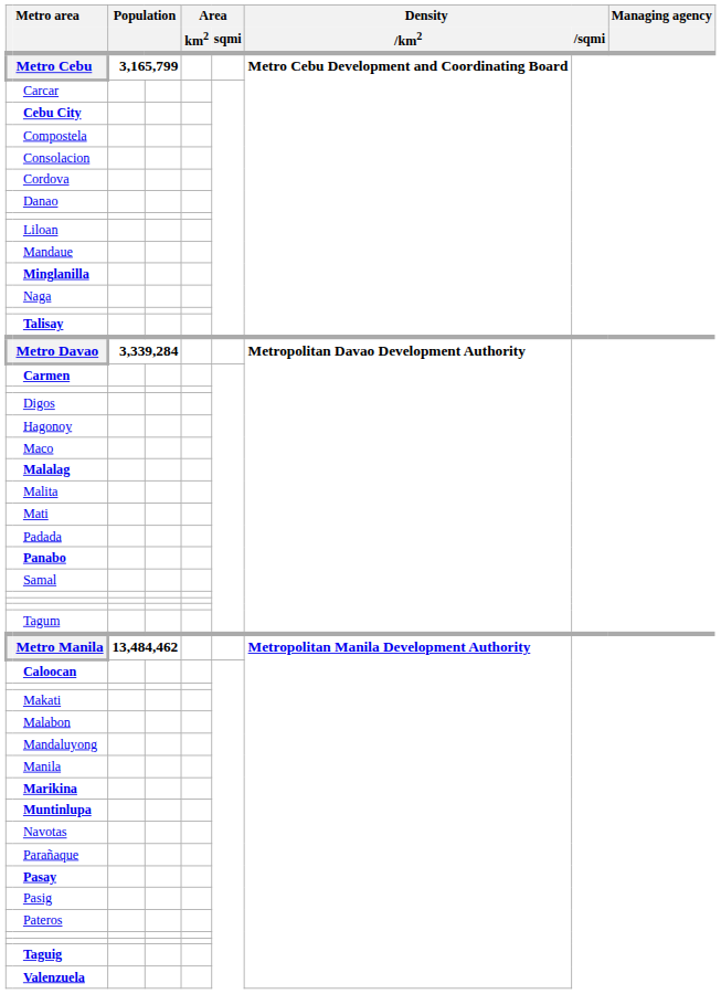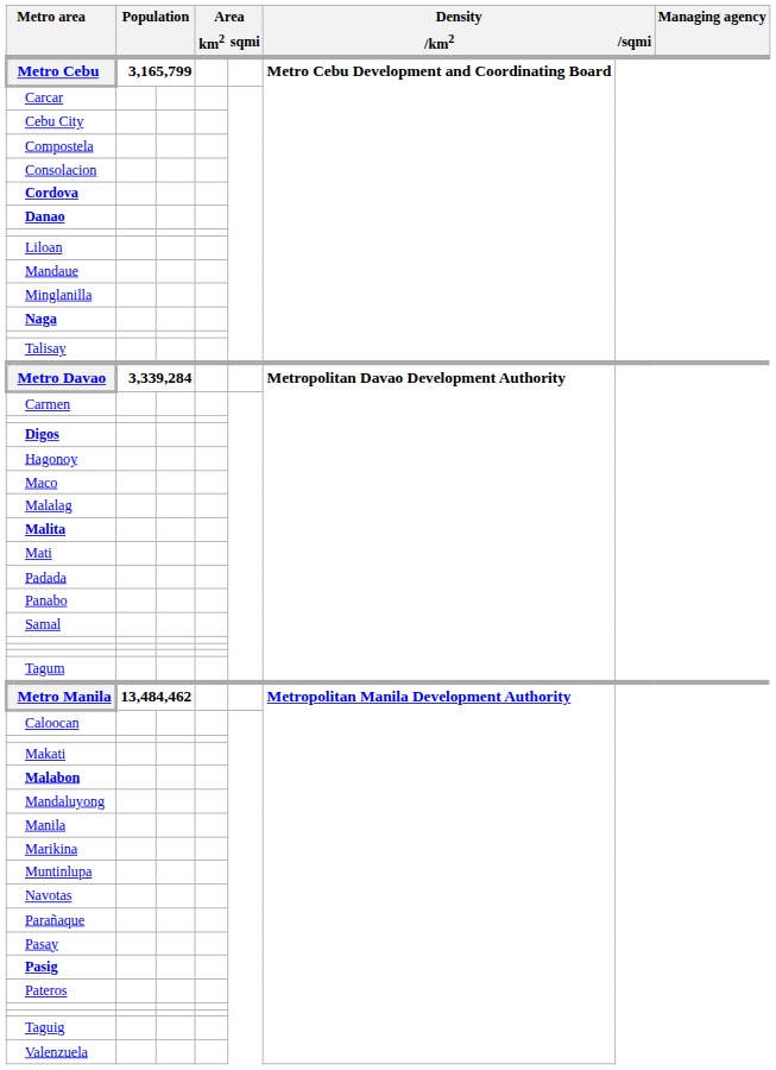 <table class="wikitable sortable" style="text-align:right;font-size:90%;background-color:white;border:none;">
 <tr style="white-space:nowrap;">
 <th scope="col" class="unsortable" style="border-width:thin 0 0 thin;" rowspan="2"></th>
 <th scope="col" class="unsortable" style="border-width:thin thin 0 0;text-align:left;">Metro area</th>
 <th scope="col" class="unsortable" style="border-bottom:0;" colspan="2">Population</th>
 <th scope="col" class="unsortable" style="border-bottom:0;" colspan="2">Area</th>
 <th scope="col" class="unsortable" style="border-bottom:0;" colspan="2">Density</th>
 <th scope="col" class="unsortable" style="border-bottom:0;">Managing agency</th>
 </tr>
 <tr style="white-space:nowrap;">
 <th scope="col" style="border-width:0 0 thin 0;"></th>
 <th scope="col" style="border-width:0 0 thin thin;" colspan="2"></th>
 <th scope="col" style="border-width:0 0 thin thin;">km<sup>2</sup></th>
 <th scope="col" style="border-width:0 thin thin 0;" class="unsortable">sqmi</th>
 <th scope="col" style="border-width:0;">/km<sup>2</sup></th>
 <th scope="col" style="border-width:0 thin thin 0;" class="unsortable">/sqmi</th>
 <th scope="col" style="border-width:0 thin thin 0;"></th>
 </tr>
 <tr style="vertical-align:top;border-top:solid thick #AAAAAA;font-size:110%;font-weight:bold;">
 <th scope="row" style="border-width:medium 0 medium medium;"></th>
 <td style="text-align:left;border-width:medium medium medium 0;background-color:#F2F2F2;white-space:nowrap;" id="anchor_Cebu"><a href='#'>Metro Cebu</a></td>
 <td colspan="2">3,165,799</td>
 <td></td>
 <td></td>
 <td rowspan="14" style="text-align:left;">Metro Cebu Development and Coordinating Board</td>
 </tr>
 <tr class="expand-child">
 <td style="border-right:0;background-color:initial;"></td>
 <td style="border-left:0;text-align:left;padding-left:0.75em;"><a href='#'>Carcar</a></td>
 <td></td>
 <td></td>
 <td></td>
 </tr>
 <tr class="expand-child">
 <td style="border-right:0;background-color:initial;"></td>
-<td style="border-left:0;text-align:left;padding-left:0.75em;"><strong><a href='#'>Cebu City</a></strong></td>
+<td style="border-left:0;text-align:left;padding-left:0.75em;"><a href='#'>Cebu City</a></td>
 <td></td>
 <td></td>
 <td></td>
 </tr>
 <tr class="expand-child">
 <td style="border-right:0;background-color:initial;"></td>
 <td style="border-left:0;text-align:left;padding-left:0.75em;"><a href='#'>Compostela</a></td>
 <td></td>
 <td></td>
 <td></td>
 </tr>
 <tr class="expand-child">
 <td style="border-right:0;background-color:initial;"></td>
 <td style="border-left:0;text-align:left;padding-left:0.75em;"><a href='#'>Consolacion</a></td>
 <td></td>
 <td></td>
 <td></td>
 </tr>
 <tr class="expand-child">
 <td style="border-right:0;background-color:initial;"></td>
-<td style="border-left:0;text-align:left;padding-left:0.75em;"><a href='#'>Cordova</a></td>
+<td style="border-left:0;text-align:left;padding-left:0.75em;"><strong><a href='#'>Cordova</a></strong></td>
 <td></td>
 <td></td>
 <td></td>
 </tr>
 <tr class="expand-child">
 <td style="border-right:0;background-color:initial;"></td>
-<td style="border-left:0;text-align:left;padding-left:0.75em;"><a href='#'>Danao</a></td>
+<td style="border-left:0;text-align:left;padding-left:0.75em;"><strong><a href='#'>Danao</a></strong></td>
 <td></td>
 <td></td>
 <td></td>
 </tr>
 <tr class="expand-child">
 <td style="border-right:0;background-color:initial;"></td>
 <td style="border-left:0;text-align:left;padding-left:0.75em;"></td>
 <td></td>
 <td></td>
 <td></td>
 </tr>
 <tr class="expand-child">
 <td style="border-right:0;background-color:initial;"></td>
 <td style="border-left:0;text-align:left;padding-left:0.75em;"><a href='#'>Liloan</a></td>
 <td></td>
 <td></td>
 <td></td>
 </tr>
 <tr class="expand-child">
 <td style="border-right:0;background-color:initial;"></td>
 <td style="border-left:0;text-align:left;padding-left:0.75em;"><a href='#'>Mandaue</a></td>
 <td></td>
 <td></td>
 <td></td>
 </tr>
 <tr class="expand-child">
 <td style="border-right:0;background-color:initial;"></td>
-<td style="border-left:0;text-align:left;padding-left:0.75em;"><strong><a href='#'>Minglanilla</a></strong></td>
+<td style="border-left:0;text-align:left;padding-left:0.75em;"><a href='#'>Minglanilla</a></td>
 <td></td>
 <td></td>
 <td></td>
 </tr>
 <tr class="expand-child">
 <td style="border-right:0;background-color:initial;"></td>
-<td style="border-left:0;text-align:left;padding-left:0.75em;"><a href='#'>Naga</a></td>
+<td style="border-left:0;text-align:left;padding-left:0.75em;"><strong><a href='#'>Naga</a></strong></td>
 <td></td>
 <td></td>
 <td></td>
 </tr>
 <tr class="expand-child">
 <td style="border-right:0;background-color:initial;"></td>
 <td style="border-left:0;text-align:left;padding-left:0.75em;"></td>
 <td></td>
 <td></td>
 <td></td>
 </tr>
 <tr class="expand-child">
 <td style="border-right:0;background-color:initial;"></td>
-<td style="border-left:0;text-align:left;padding-left:0.75em;"><strong><a href='#'>Talisay</a></strong></td>
+<td style="border-left:0;text-align:left;padding-left:0.75em;"><a href='#'>Talisay</a></td>
 <td></td>
 <td></td>
 <td></td>
 </tr>
 <tr style="vertical-align:top;border-top:solid thick #AAAAAA;font-size:110%;font-weight:bold;">
 <th scope="row" style="border-width:medium 0 medium medium;"></th>
 <td style="text-align:left;border-width:medium medium medium 0;background-color:#F2F2F2;white-space:nowrap;" id="anchor_Davao"><a href='#'>Metro Davao</a></td>
 <td colspan="2">3,339,284</td>
 <td></td>
 <td></td>
 <td rowspan="16" style="text-align:left;">Metropolitan Davao Development Authority</td>
 </tr>
 <tr class="expand-child">
 <td style="border-right:0;background-color:initial;"></td>
-<td style="border-left:0;text-align:left;padding-left:0.75em;"><strong><a href='#'>Carmen</a></strong></td>
+<td style="border-left:0;text-align:left;padding-left:0.75em;"><a href='#'>Carmen</a></td>
 <td></td>
 <td></td>
 <td></td>
 </tr>
 <tr class="expand-child">
 <td style="border-right:0;background-color:initial;"></td>
 <td style="border-left:0;text-align:left;padding-left:0.75em;"></td>
 <td></td>
 <td></td>
 <td></td>
 </tr>
 <tr class="expand-child">
 <td style="border-right:0;background-color:initial;"></td>
-<td style="border-left:0;text-align:left;padding-left:0.75em;"><a href='#'>Digos</a></td>
+<td style="border-left:0;text-align:left;padding-left:0.75em;"><strong><a href='#'>Digos</a></strong></td>
 <td></td>
 <td></td>
 <td></td>
 </tr>
 <tr class="expand-child">
 <td style="border-right:0;background-color:initial;"></td>
 <td style="border-left:0;text-align:left;padding-left:0.75em;"><a href='#'>Hagonoy</a></td>
 <td></td>
 <td></td>
 <td></td>
 </tr>
 <tr class="expand-child">
 <td style="border-right:0;background-color:initial;"></td>
 <td style="border-left:0;text-align:left;padding-left:0.75em;"><a href='#'>Maco</a></td>
 <td></td>
 <td></td>
 <td></td>
 </tr>
 <tr class="expand-child">
 <td style="border-right:0;background-color:initial;"></td>
-<td style="border-left:0;text-align:left;padding-left:0.75em;"><strong><a href='#'>Malalag</a></strong></td>
+<td style="border-left:0;text-align:left;padding-left:0.75em;"><a href='#'>Malalag</a></td>
 <td></td>
 <td></td>
 <td></td>
 </tr>
 <tr class="expand-child">
 <td style="border-right:0;background-color:initial;"></td>
-<td style="border-left:0;text-align:left;padding-left:0.75em;"><a href='#'>Malita</a></td>
+<td style="border-left:0;text-align:left;padding-left:0.75em;"><strong><a href='#'>Malita</a></strong></td>
 <td></td>
 <td></td>
 <td></td>
 </tr>
 <tr class="expand-child">
 <td style="border-right:0;background-color:initial;"></td>
 <td style="border-left:0;text-align:left;padding-left:0.75em;"><a href='#'>Mati</a></td>
 <td></td>
 <td></td>
 <td></td>
 </tr>
 <tr class="expand-child">
 <td style="border-right:0;background-color:initial;"></td>
 <td style="border-left:0;text-align:left;padding-left:0.75em;"><a href='#'>Padada</a></td>
 <td></td>
 <td></td>
 <td></td>
 </tr>
 <tr class="expand-child">
 <td style="border-right:0;background-color:initial;"></td>
-<td style="border-left:0;text-align:left;padding-left:0.75em;"><strong><a href='#'>Panabo</a></strong></td>
+<td style="border-left:0;text-align:left;padding-left:0.75em;"><a href='#'>Panabo</a></td>
 <td></td>
 <td></td>
 <td></td>
 </tr>
 <tr class="expand-child">
 <td style="border-right:0;background-color:initial;"></td>
 <td style="border-left:0;text-align:left;padding-left:0.75em;"><a href='#'>Samal</a></td>
 <td></td>
 <td></td>
 <td></td>
 </tr>
 <tr class="expand-child">
 <td style="border-right:0;background-color:initial;"></td>
 <td style="border-left:0;text-align:left;padding-left:0.75em;"></td>
 <td></td>
 <td></td>
 <td></td>
 </tr>
 <tr class="expand-child">
 <td style="border-right:0;background-color:initial;"></td>
 <td style="border-left:0;text-align:left;padding-left:0.75em;"></td>
 <td></td>
 <td></td>
 <td></td>
 </tr>
 <tr class="expand-child">
 <td style="border-right:0;background-color:initial;"></td>
 <td style="border-left:0;text-align:left;padding-left:0.75em;"></td>
 <td></td>
 <td></td>
 <td></td>
 </tr>
 <tr class="expand-child">
 <td style="border-right:0;background-color:initial;"></td>
 <td style="border-left:0;text-align:left;padding-left:0.75em;"><a href='#'>Tagum</a></td>
 <td></td>
 <td></td>
 <td></td>
 </tr>
 <tr style="vertical-align:top;border-top:solid thick #AAAAAA;font-size:110%;font-weight:bold;">
 <th scope="row" style="border-width:medium 0 medium medium;"></th>
 <td style="text-align:left;border-width:medium medium medium 0;background-color:#F2F2F2;white-space:nowrap;" id="anchor_Manila"><a href='#'>Metro Manila</a></td>
 <td colspan="2">13,484,462</td>
 <td></td>
 <td></td>
 <td rowspan="18" style="text-align:left;"><a href='#'>Metropolitan Manila Development Authority</a></td>
 </tr>
 <tr class="expand-child">
 <td style="border-right:0;background-color:initial;"></td>
-<td style="border-left:0;text-align:left;padding-left:0.75em;"><strong><a href='#'>Caloocan</a></strong></td>
+<td style="border-left:0;text-align:left;padding-left:0.75em;"><a href='#'>Caloocan</a></td>
 <td></td>
 <td></td>
 <td></td>
 </tr>
 <tr class="expand-child">
 <td style="border-right:0;background-color:initial;"></td>
 <td style="border-left:0;text-align:left;padding-left:0.75em;"></td>
 <td></td>
 <td></td>
 <td></td>
 </tr>
 <tr class="expand-child">
 <td style="border-right:0;background-color:initial;"></td>
 <td style="border-left:0;text-align:left;padding-left:0.75em;"><a href='#'>Makati</a></td>
 <td></td>
 <td></td>
 <td></td>
 </tr>
 <tr class="expand-child">
 <td style="border-right:0;background-color:initial;"></td>
-<td style="border-left:0;text-align:left;padding-left:0.75em;"><a href='#'>Malabon</a></td>
+<td style="border-left:0;text-align:left;padding-left:0.75em;"><strong><a href='#'>Malabon</a></strong></td>
 <td></td>
 <td></td>
 <td></td>
 </tr>
 <tr class="expand-child">
 <td style="border-right:0;background-color:initial;"></td>
 <td style="border-left:0;text-align:left;padding-left:0.75em;"><a href='#'>Mandaluyong</a></td>
 <td></td>
 <td></td>
 <td></td>
 </tr>
 <tr class="expand-child">
 <td style="border-right:0;background-color:initial;"></td>
 <td style="border-left:0;text-align:left;padding-left:0.75em;"><a href='#'>Manila</a></td>
 <td></td>
 <td></td>
 <td></td>
 </tr>
 <tr class="expand-child">
 <td style="border-right:0;background-color:initial;"></td>
-<td style="border-left:0;text-align:left;padding-left:0.75em;"><strong><a href='#'>Marikina</a></strong></td>
+<td style="border-left:0;text-align:left;padding-left:0.75em;"><a href='#'>Marikina</a></td>
 <td></td>
 <td></td>
 <td></td>
 </tr>
 <tr class="expand-child">
 <td style="border-right:0;background-color:initial;"></td>
-<td style="border-left:0;text-align:left;padding-left:0.75em;"><strong><a href='#'>Muntinlupa</a></strong></td>
+<td style="border-left:0;text-align:left;padding-left:0.75em;"><a href='#'>Muntinlupa</a></td>
 <td></td>
 <td></td>
 <td></td>
 </tr>
 <tr class="expand-child">
 <td style="border-right:0;background-color:initial;"></td>
 <td style="border-left:0;text-align:left;padding-left:0.75em;"><a href='#'>Navotas</a></td>
 <td></td>
 <td></td>
 <td></td>
 </tr>
 <tr class="expand-child">
 <td style="border-right:0;background-color:initial;"></td>
 <td style="border-left:0;text-align:left;padding-left:0.75em;"><a href='#'>Parañaque</a></td>
 <td></td>
 <td></td>
 <td></td>
 </tr>
 <tr class="expand-child">
 <td style="border-right:0;background-color:initial;"></td>
-<td style="border-left:0;text-align:left;padding-left:0.75em;"><strong><a href='#'>Pasay</a></strong></td>
+<td style="border-left:0;text-align:left;padding-left:0.75em;"><a href='#'>Pasay</a></td>
 <td></td>
 <td></td>
 <td></td>
 </tr>
 <tr class="expand-child">
 <td style="border-right:0;background-color:initial;"></td>
-<td style="border-left:0;text-align:left;padding-left:0.75em;"><a href='#'>Pasig</a></td>
+<td style="border-left:0;text-align:left;padding-left:0.75em;"><strong><a href='#'>Pasig</a></strong></td>
 <td></td>
 <td></td>
 <td></td>
 </tr>
 <tr class="expand-child">
 <td style="border-right:0;background-color:initial;"></td>
 <td style="border-left:0;text-align:left;padding-left:0.75em;"><a href='#'>Pateros</a></td>
 <td></td>
 <td></td>
 <td></td>
 </tr>
 <tr class="expand-child">
 <td style="border-right:0;background-color:initial;"></td>
 <td style="border-left:0;text-align:left;padding-left:0.75em;"></td>
 <td></td>
 <td></td>
 <td></td>
 </tr>
 <tr class="expand-child">
 <td style="border-right:0;background-color:initial;"></td>
 <td style="border-left:0;text-align:left;padding-left:0.75em;"></td>
 <td></td>
 <td></td>
 <td></td>
 </tr>
 <tr class="expand-child">
 <td style="border-right:0;background-color:initial;"></td>
-<td style="border-left:0;text-align:left;padding-left:0.75em;"><strong><a href='#'>Taguig</a></strong></td>
+<td style="border-left:0;text-align:left;padding-left:0.75em;"><a href='#'>Taguig</a></td>
 <td></td>
 <td></td>
 <td></td>
 </tr>
 <tr class="expand-child">
 <td style="border-right:0;background-color:initial;"></td>
-<td style="border-left:0;text-align:left;padding-left:0.75em;"><strong><a href='#'>Valenzuela</a></strong></td>
+<td style="border-left:0;text-align:left;padding-left:0.75em;"><a href='#'>Valenzuela</a></td>
 <td></td>
 <td></td>
 <td></td>
 </tr>
 </table>
